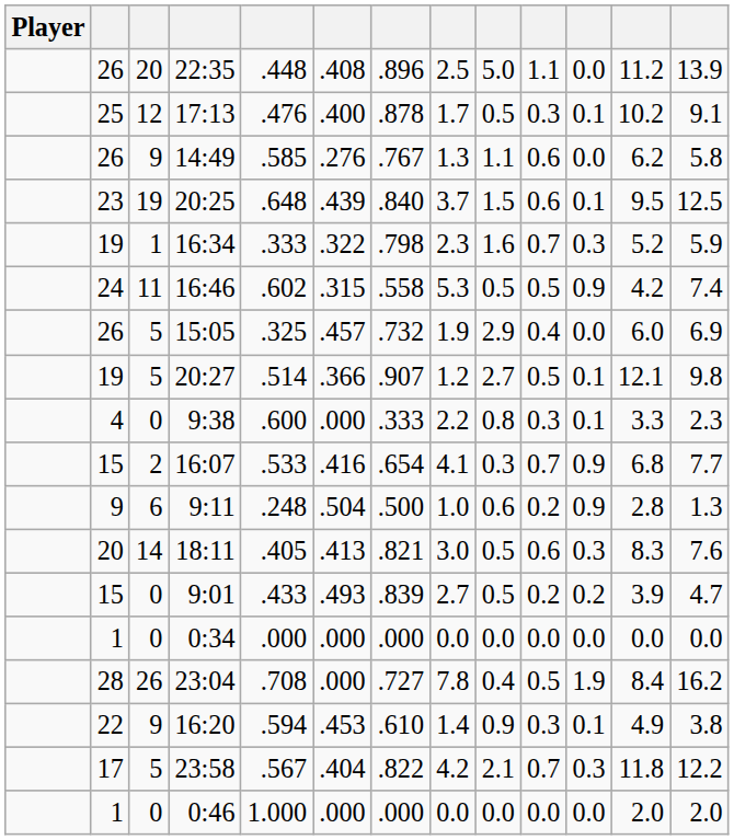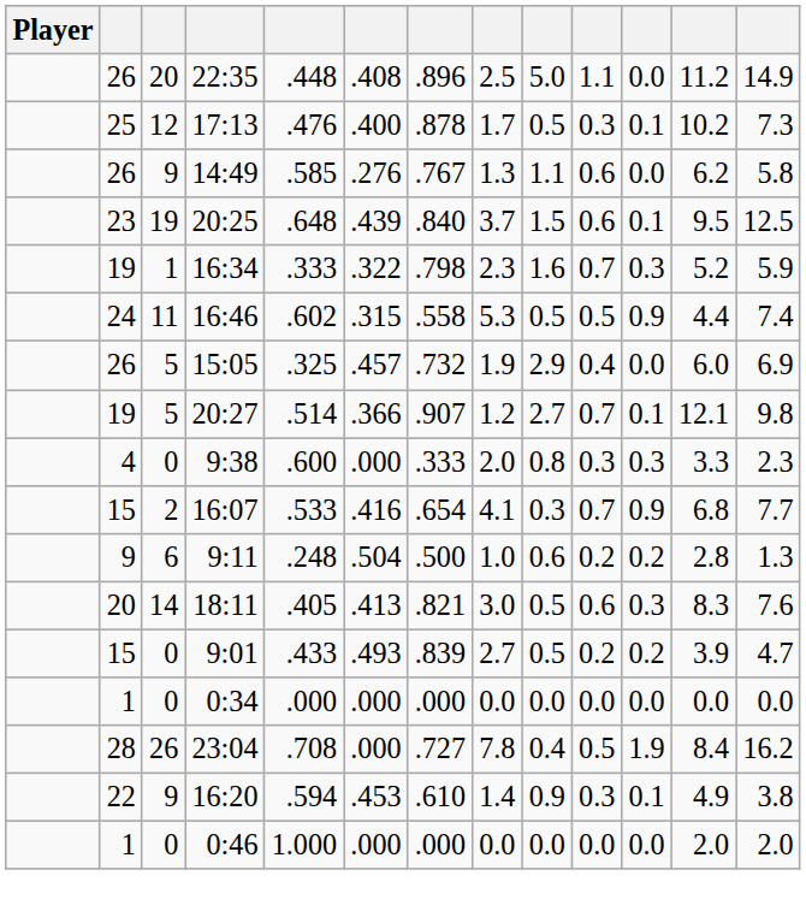 <table class="wikitable sortable" style="font-size:95%; text-align:right;">
 <tr>
 <th>Player</th>
 <th></th>
 <th></th>
 <th></th>
 <th></th>
 <th></th>
 <th></th>
 <th></th>
 <th></th>
 <th></th>
 <th></th>
 <th></th>
 <th></th>
 </tr>
 <tr>
 <td></td>
 <td>26</td>
 <td>20</td>
 <td>22:35</td>
 <td>.448</td>
 <td>.408</td>
 <td>.896</td>
 <td>2.5</td>
 <td>5.0</td>
 <td>1.1</td>
 <td>0.0</td>
 <td>11.2</td>
-<td>13.9</td>
+<td>14.9</td>
 </tr>
 <tr>
 <td></td>
 <td>25</td>
 <td>12</td>
 <td>17:13</td>
 <td>.476</td>
 <td>.400</td>
 <td>.878</td>
 <td>1.7</td>
 <td>0.5</td>
 <td>0.3</td>
 <td>0.1</td>
 <td>10.2</td>
-<td>9.1</td>
+<td>7.3</td>
 </tr>
 <tr>
 <td></td>
 <td>26</td>
 <td>9</td>
 <td>14:49</td>
 <td>.585</td>
 <td>.276</td>
 <td>.767</td>
 <td>1.3</td>
 <td>1.1</td>
 <td>0.6</td>
 <td>0.0</td>
 <td>6.2</td>
 <td>5.8</td>
 </tr>
 <tr>
 <td></td>
 <td>23</td>
 <td>19</td>
 <td>20:25</td>
 <td>.648</td>
 <td>.439</td>
 <td>.840</td>
 <td>3.7</td>
 <td>1.5</td>
 <td>0.6</td>
 <td>0.1</td>
 <td>9.5</td>
 <td>12.5</td>
 </tr>
 <tr>
 <td></td>
 <td>19</td>
 <td>1</td>
 <td>16:34</td>
 <td>.333</td>
 <td>.322</td>
 <td>.798</td>
 <td>2.3</td>
 <td>1.6</td>
 <td>0.7</td>
 <td>0.3</td>
 <td>5.2</td>
 <td>5.9</td>
 </tr>
 <tr>
 <td></td>
 <td>24</td>
 <td>11</td>
 <td>16:46</td>
 <td>.602</td>
 <td>.315</td>
 <td>.558</td>
 <td>5.3</td>
 <td>0.5</td>
 <td>0.5</td>
 <td>0.9</td>
-<td>4.2</td>
+<td>4.4</td>
 <td>7.4</td>
 </tr>
 <tr>
 <td></td>
 <td>26</td>
 <td>5</td>
 <td>15:05</td>
 <td>.325</td>
 <td>.457</td>
 <td>.732</td>
 <td>1.9</td>
 <td>2.9</td>
 <td>0.4</td>
 <td>0.0</td>
 <td>6.0</td>
 <td>6.9</td>
 </tr>
 <tr>
 <td></td>
 <td>19</td>
 <td>5</td>
 <td>20:27</td>
 <td>.514</td>
 <td>.366</td>
 <td>.907</td>
 <td>1.2</td>
 <td>2.7</td>
-<td>0.5</td>
+<td>0.7</td>
 <td>0.1</td>
 <td>12.1</td>
 <td>9.8</td>
 </tr>
 <tr>
 <td></td>
 <td>4</td>
 <td>0</td>
 <td>9:38</td>
 <td>.600</td>
 <td>.000</td>
 <td>.333</td>
-<td>2.2</td>
+<td>2.0</td>
 <td>0.8</td>
 <td>0.3</td>
-<td>0.1</td>
+<td>0.3</td>
 <td>3.3</td>
 <td>2.3</td>
 </tr>
 <tr>
 <td></td>
 <td>15</td>
 <td>2</td>
 <td>16:07</td>
 <td>.533</td>
 <td>.416</td>
 <td>.654</td>
 <td>4.1</td>
 <td>0.3</td>
 <td>0.7</td>
 <td>0.9</td>
 <td>6.8</td>
 <td>7.7</td>
 </tr>
 <tr>
 <td></td>
 <td>9</td>
 <td>6</td>
 <td>9:11</td>
 <td>.248</td>
 <td>.504</td>
 <td>.500</td>
 <td>1.0</td>
 <td>0.6</td>
 <td>0.2</td>
-<td>0.9</td>
+<td>0.2</td>
 <td>2.8</td>
 <td>1.3</td>
 </tr>
 <tr>
 <td></td>
 <td>20</td>
 <td>14</td>
 <td>18:11</td>
 <td>.405</td>
 <td>.413</td>
 <td>.821</td>
 <td>3.0</td>
 <td>0.5</td>
 <td>0.6</td>
 <td>0.3</td>
 <td>8.3</td>
 <td>7.6</td>
 </tr>
 <tr>
 <td></td>
 <td>15</td>
 <td>0</td>
 <td>9:01</td>
 <td>.433</td>
 <td>.493</td>
 <td>.839</td>
 <td>2.7</td>
 <td>0.5</td>
 <td>0.2</td>
 <td>0.2</td>
 <td>3.9</td>
 <td>4.7</td>
 </tr>
 <tr>
 <td></td>
 <td>1</td>
 <td>0</td>
 <td>0:34</td>
 <td>.000</td>
 <td>.000</td>
 <td>.000</td>
 <td>0.0</td>
 <td>0.0</td>
 <td>0.0</td>
 <td>0.0</td>
 <td>0.0</td>
 <td>0.0</td>
 </tr>
 <tr>
 <td></td>
 <td>28</td>
 <td>26</td>
 <td>23:04</td>
 <td>.708</td>
 <td>.000</td>
 <td>.727</td>
 <td>7.8</td>
 <td>0.4</td>
 <td>0.5</td>
 <td>1.9</td>
 <td>8.4</td>
 <td>16.2</td>
 </tr>
 <tr>
 <td></td>
 <td>22</td>
 <td>9</td>
 <td>16:20</td>
 <td>.594</td>
 <td>.453</td>
 <td>.610</td>
 <td>1.4</td>
 <td>0.9</td>
 <td>0.3</td>
 <td>0.1</td>
 <td>4.9</td>
 <td>3.8</td>
 </tr>
 <tr>
 <td></td>
-<td>17</td>
-<td>5</td>
-<td>23:58</td>
-<td>.567</td>
-<td>.404</td>
-<td>.822</td>
-<td>4.2</td>
-<td>2.1</td>
-<td>0.7</td>
-<td>0.3</td>
-<td>11.8</td>
-<td>12.2</td>
-</tr>
-<tr>
-<td></td>
 <td>1</td>
 <td>0</td>
 <td>0:46</td>
 <td>1.000</td>
 <td>.000</td>
 <td>.000</td>
 <td>0.0</td>
 <td>0.0</td>
 <td>0.0</td>
 <td>0.0</td>
 <td>2.0</td>
 <td>2.0</td>
 </tr>
 </table>
